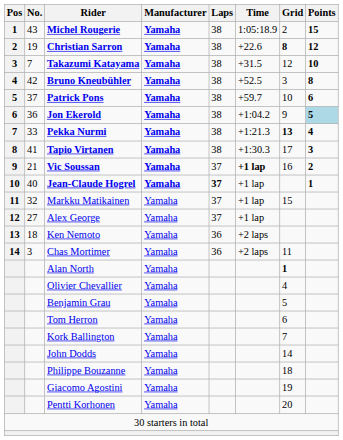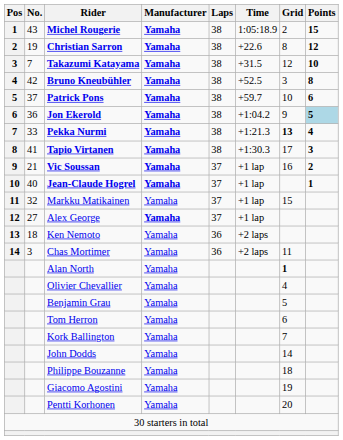 <table class="wikitable" style="font-size: 95%;">
 <tr>
 <th>Pos</th>
 <th>No.</th>
 <th>Rider</th>
 <th>Manufacturer</th>
 <th>Laps</th>
 <th>Time</th>
 <th>Grid</th>
 <th>Points</th>
 </tr>
 <tr>
 <th>1</th>
 <td>43</td>
 <td> <strong><a href='#'>Michel Rougerie</a></strong></td>
 <td><strong><a href='#'>Yamaha</a></strong></td>
 <td>38</td>
 <td>1:05:18.9</td>
 <td>2</td>
 <td><strong>15</strong></td>
 </tr>
 <tr>
 <th>2</th>
 <td>19</td>
 <td> <strong><a href='#'>Christian Sarron</a></strong></td>
 <td><strong><a href='#'>Yamaha</a></strong></td>
 <td>38</td>
 <td>+22.6</td>
-<td><strong>8</strong></td>
+<td>8</td>
 <td><strong>12</strong></td>
 </tr>
 <tr>
 <th>3</th>
 <td>7</td>
 <td> <strong><a href='#'>Takazumi Katayama</a></strong></td>
 <td><strong><a href='#'>Yamaha</a></strong></td>
 <td>38</td>
 <td>+31.5</td>
 <td>12</td>
 <td><strong>10</strong></td>
 </tr>
 <tr>
 <th>4</th>
 <td>42</td>
 <td> <strong><a href='#'>Bruno Kneubühler</a></strong></td>
 <td><strong><a href='#'>Yamaha</a></strong></td>
 <td>38</td>
 <td>+52.5</td>
 <td>3</td>
 <td><strong>8</strong></td>
 </tr>
 <tr>
 <th>5</th>
 <td>37</td>
 <td> <strong><a href='#'>Patrick Pons</a></strong></td>
 <td><strong><a href='#'>Yamaha</a></strong></td>
 <td>38</td>
 <td>+59.7</td>
 <td>10</td>
 <td><strong>6</strong></td>
 </tr>
 <tr>
 <th>6</th>
 <td>36</td>
 <td> <strong><a href='#'>Jon Ekerold</a></strong></td>
 <td><strong><a href='#'>Yamaha</a></strong></td>
 <td>38</td>
 <td>+1:04.2</td>
 <td>9</td>
 <td style="background: lightblue;"><strong>5</strong></td>
 </tr>
 <tr>
 <th>7</th>
 <td>33</td>
 <td> <strong><a href='#'>Pekka Nurmi</a></strong></td>
 <td><strong><a href='#'>Yamaha</a></strong></td>
 <td>38</td>
 <td>+1:21.3</td>
 <td><strong>13</strong></td>
 <td><strong>4</strong></td>
 </tr>
 <tr>
 <th>8</th>
 <td>41</td>
 <td> <strong><a href='#'>Tapio Virtanen</a></strong></td>
 <td><strong><a href='#'>Yamaha</a></strong></td>
 <td>38</td>
 <td>+1:30.3</td>
 <td>17</td>
 <td><strong>3</strong></td>
 </tr>
 <tr>
 <th>9</th>
 <td>21</td>
 <td> <strong><a href='#'>Vic Soussan</a></strong></td>
 <td><strong><a href='#'>Yamaha</a></strong></td>
 <td>37</td>
-<td><strong>+1 lap</strong></td>
+<td>+1 lap</td>
 <td>16</td>
 <td><strong>2</strong></td>
 </tr>
 <tr>
 <th>10</th>
 <td>40</td>
 <td> <strong><a href='#'>Jean-Claude Hogrel</a></strong></td>
 <td><strong><a href='#'>Yamaha</a></strong></td>
-<td><strong>37</strong></td>
+<td>37</td>
 <td>+1 lap</td>
 <td></td>
 <td><strong>1</strong></td>
 </tr>
 <tr>
 <th>11</th>
 <td>32</td>
 <td> <a href='#'>Markku Matikainen</a></td>
 <td><a href='#'>Yamaha</a></td>
 <td>37</td>
 <td>+1 lap</td>
 <td>15</td>
 <td></td>
 </tr>
 <tr>
 <th>12</th>
 <td>27</td>
 <td> <a href='#'>Alex George</a></td>
-<td><a href='#'>Yamaha</a></td>
+<td><strong><a href='#'>Yamaha</a></strong></td>
 <td>37</td>
 <td>+1 lap</td>
 <td></td>
 <td></td>
 </tr>
 <tr>
 <th>13</th>
 <td>18</td>
 <td> <a href='#'>Ken Nemoto</a></td>
 <td><a href='#'>Yamaha</a></td>
 <td>36</td>
 <td>+2 laps</td>
 <td></td>
 <td></td>
 </tr>
 <tr>
 <th>14</th>
 <td>3</td>
 <td> <a href='#'>Chas Mortimer</a></td>
 <td><a href='#'>Yamaha</a></td>
 <td>36</td>
 <td>+2 laps</td>
 <td>11</td>
 <td></td>
 </tr>
 <tr>
 <th></th>
 <td></td>
 <td> <a href='#'>Alan North</a></td>
 <td><a href='#'>Yamaha</a></td>
 <td></td>
 <td></td>
 <td><strong>1</strong></td>
 <td></td>
 </tr>
 <tr>
 <th></th>
 <td></td>
 <td> <a href='#'>Olivier Chevallier</a></td>
 <td><a href='#'>Yamaha</a></td>
 <td></td>
 <td></td>
 <td>4</td>
 <td></td>
 </tr>
 <tr>
 <th></th>
 <td></td>
 <td> <a href='#'>Benjamin Grau</a></td>
 <td><a href='#'>Yamaha</a></td>
 <td></td>
 <td></td>
 <td>5</td>
 <td></td>
 </tr>
 <tr>
 <th></th>
 <td></td>
 <td> <a href='#'>Tom Herron</a></td>
 <td><a href='#'>Yamaha</a></td>
 <td></td>
 <td></td>
 <td>6</td>
 <td></td>
 </tr>
 <tr>
 <th></th>
 <td></td>
 <td> <a href='#'>Kork Ballington</a></td>
 <td><a href='#'>Yamaha</a></td>
 <td></td>
 <td></td>
 <td>7</td>
 <td></td>
 </tr>
 <tr>
 <th></th>
 <td></td>
 <td> <a href='#'>John Dodds</a></td>
 <td><a href='#'>Yamaha</a></td>
 <td></td>
 <td></td>
 <td>14</td>
 <td></td>
 </tr>
 <tr>
 <th></th>
 <td></td>
 <td> <a href='#'>Philippe Bouzanne</a></td>
 <td><a href='#'>Yamaha</a></td>
 <td></td>
 <td></td>
 <td>18</td>
 <td></td>
 </tr>
 <tr>
 <th></th>
 <td></td>
 <td> <a href='#'>Giacomo Agostini</a></td>
 <td><a href='#'>Yamaha</a></td>
 <td></td>
 <td></td>
 <td>19</td>
 <td></td>
 </tr>
 <tr>
 <th></th>
 <td></td>
 <td> <a href='#'>Pentti Korhonen</a></td>
 <td><a href='#'>Yamaha</a></td>
 <td></td>
 <td></td>
 <td>20</td>
 <td></td>
 </tr>
 <tr>
 <td colspan=8 align=center>30 starters in total</td>
 </tr>
 <tr>
 <th colspan=8></th>
 </tr>
 </table>
